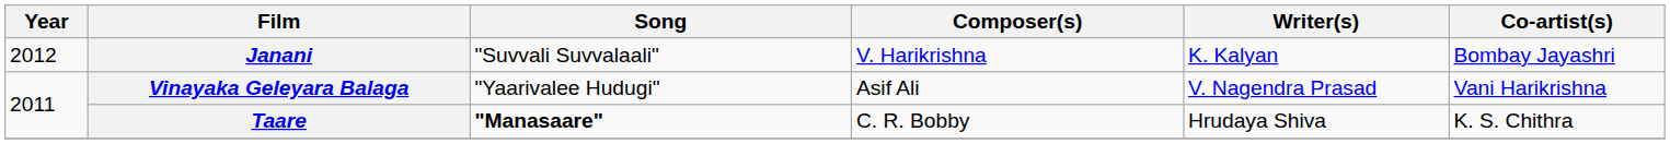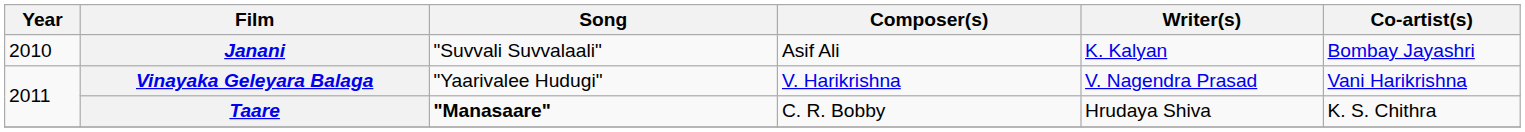 <table class="wikitable plainrowheaders" width="100%" textcolor:#000;">
 <tr style="background:#b0e0e66;">
 <th scope="col" width=5%><strong>Year</strong></th>
 <th scope="col" width=23%><strong>Film</strong></th>
 <th scope="col" width=23%><strong>Song</strong></th>
 <th scope="col" width=20%><strong>Composer(s)</strong></th>
 <th scope="col" width=16%><strong>Writer(s)</strong></th>
 <th scope="col" width=18%><strong>Co-artist(s)</strong></th>
 </tr>
 <tr>
-<td>2012</td>
+<td>2010</td>
 <th><em><a href='#'>Janani</a></em></th>
 <td>"Suvvali Suvvalaali"</td>
-<td><a href='#'>V. Harikrishna</a></td>
+<td>Asif Ali</td>
 <td><a href='#'>K. Kalyan</a></td>
 <td><a href='#'>Bombay Jayashri</a></td>
 </tr>
 <tr>
 <td rowspan="2">2011</td>
 <th><em><a href='#'>Vinayaka Geleyara Balaga</a></em></th>
 <td>"Yaarivalee Hudugi"</td>
-<td>Asif Ali</td>
+<td><a href='#'>V. Harikrishna</a></td>
 <td><a href='#'>V. Nagendra Prasad</a></td>
 <td><a href='#'>Vani Harikrishna</a></td>
 </tr>
 <tr>
 <th><em><a href='#'>Taare</a></em></th>
 <td><strong>"Manasaare"</strong></td>
 <td>C. R. Bobby</td>
 <td>Hrudaya Shiva</td>
 <td>K. S. Chithra</td>
 </tr>
 <tr>
 </tr>
 </table>
